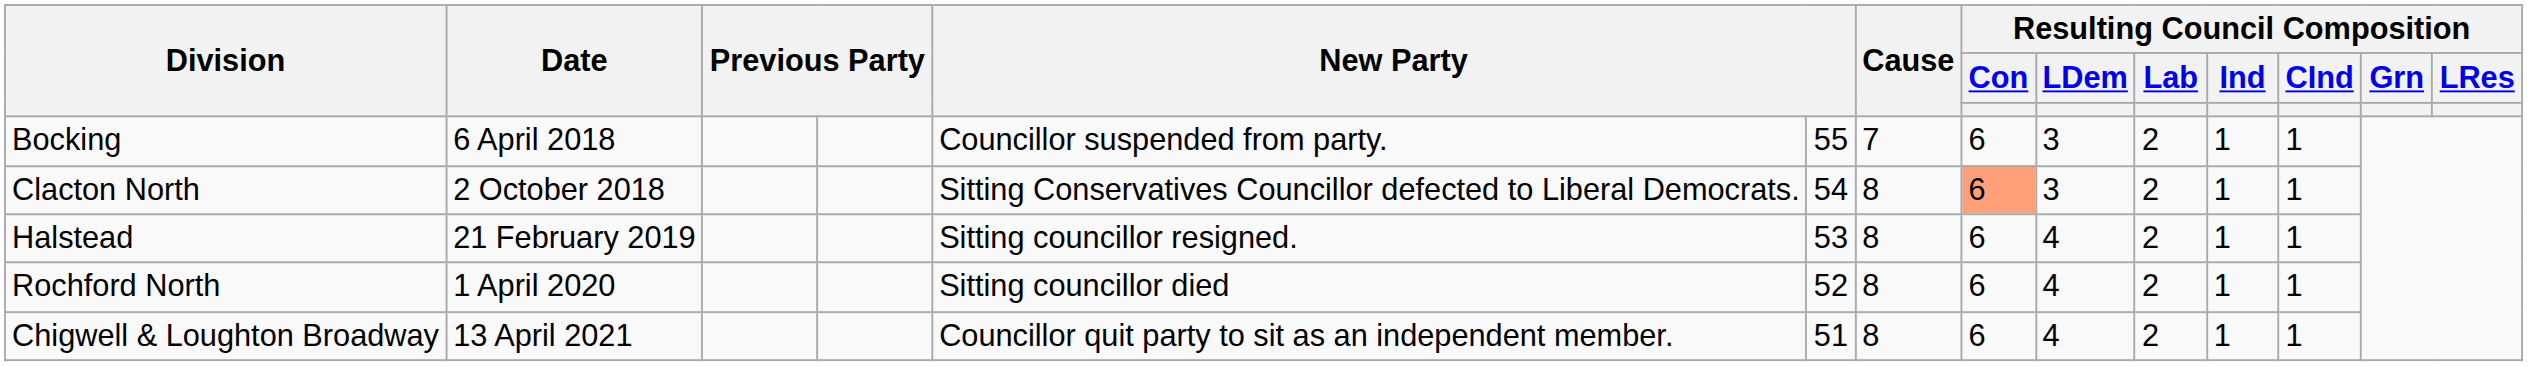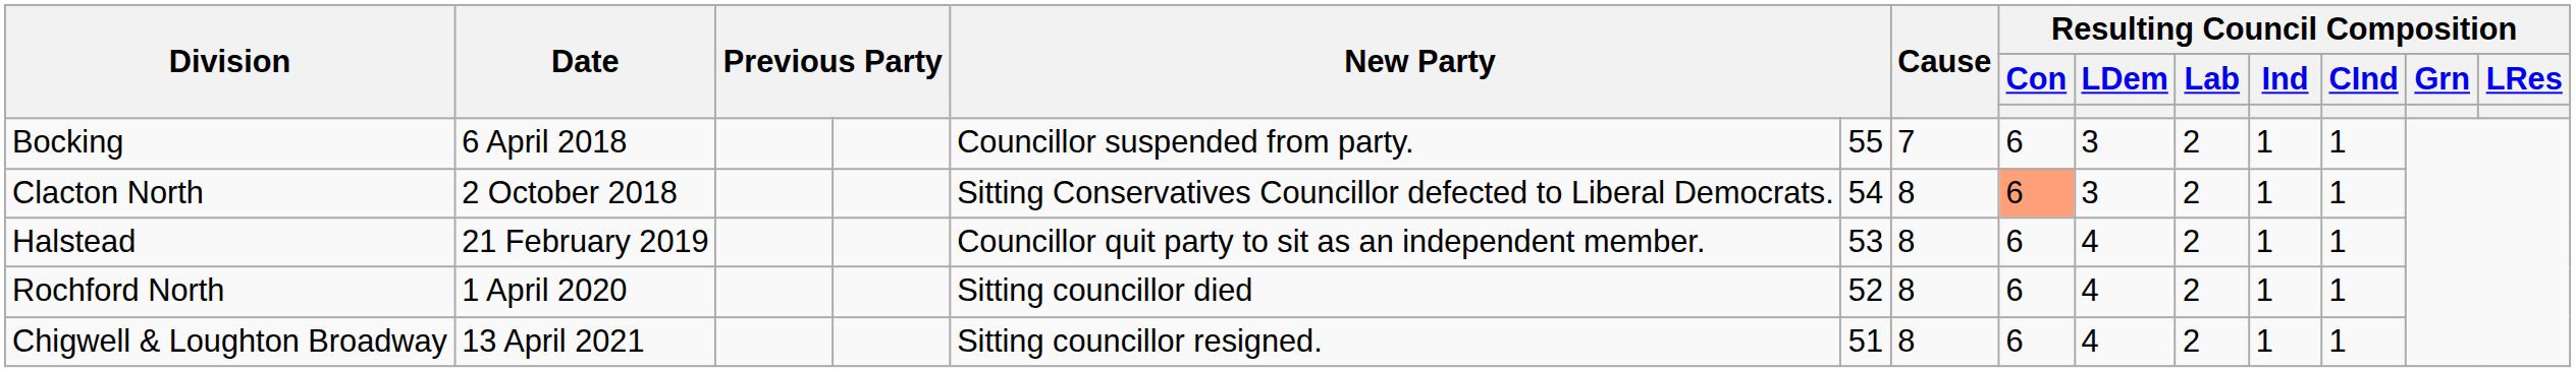 <table class="wikitable">
 <tr>
 <th !  rowspan="3">Division</th>
 <th ! rowspan="3">Date</th>
 <th !  rowspan=3  colspan=2>Previous Party</th>
 <th !  rowspan=3 colspan=2>New Party</th>
 <th ! rowspan="3">Cause</th>
 <th ! colspan="8">Resulting Council Composition</th>
 </tr>
 <tr>
 <th style="width:30px;" class="unsortable"><a href='#'>Con</a></th>
 <th style="width:30px;" class="unsortable"><a href='#'>LDem</a></th>
 <th style="width:30px;" class="unsortable"><a href='#'>Lab</a></th>
 <th style="width:30px;" class="unsortable"><a href='#'>Ind</a></th>
 <th style="width:30px;" class="unsortable"><a href='#'>CInd</a></th>
 <th style="width:30px;" class="unsortable"><a href='#'>Grn</a></th>
 <th style="width:30px;" class="unsortable"><a href='#'>LRes</a></th>
 </tr>
 <tr>
 <th class="unsortable" style="color:inherit;background:"></th>
 <th class="unsortable" style="color:inherit;background:"></th>
 <th class="unsortable" style="color:inherit;background:"></th>
 <th class="unsortable" style="color:inherit;background:"></th>
 <th class="unsortable" style="color:inherit;background:"></th>
 <th class="unsortable" style="color:inherit;background:"></th>
 <th class="unsortable" style="color:inherit;background:"></th>
 </tr>
 <tr>
 <td>Bocking</td>
 <td>6 April 2018 </td>
 <td></td>
 <td></td>
 <td>Councillor suspended from party.</td>
 <td>55</td>
 <td>7</td>
 <td>6</td>
 <td>3</td>
 <td>2</td>
 <td>1</td>
 <td>1</td>
 </tr>
 <tr>
 <td>Clacton North</td>
 <td>2 October 2018 </td>
 <td></td>
 <td></td>
 <td>Sitting Conservatives Councillor defected to Liberal Democrats.</td>
 <td>54</td>
 <td>8</td>
 <td style="background: lightsalmon;">6</td>
 <td>3</td>
 <td>2</td>
 <td>1</td>
 <td>1</td>
 </tr>
 <tr>
 <td>Halstead</td>
 <td>21 February 2019 </td>
 <td></td>
 <td></td>
-<td>Sitting councillor resigned.</td>
+<td>Councillor quit party to sit as an independent member.</td>
 <td>53</td>
 <td>8</td>
 <td>6</td>
 <td>4</td>
 <td>2</td>
 <td>1</td>
 <td>1</td>
 </tr>
 <tr>
 <td>Rochford North</td>
 <td>1 April 2020 </td>
 <td></td>
 <td></td>
 <td>Sitting councillor died </td>
 <td>52</td>
 <td>8</td>
 <td>6</td>
 <td>4</td>
 <td>2</td>
 <td>1</td>
 <td>1</td>
 </tr>
 <tr>
 <td>Chigwell & Loughton Broadway</td>
 <td>13 April 2021 </td>
 <td></td>
 <td></td>
-<td>Councillor quit party to sit as an independent member.</td>
+<td>Sitting councillor resigned.</td>
 <td>51</td>
 <td>8</td>
 <td>6</td>
 <td>4</td>
 <td>2</td>
 <td>1</td>
 <td>1</td>
 </tr>
 </table>
